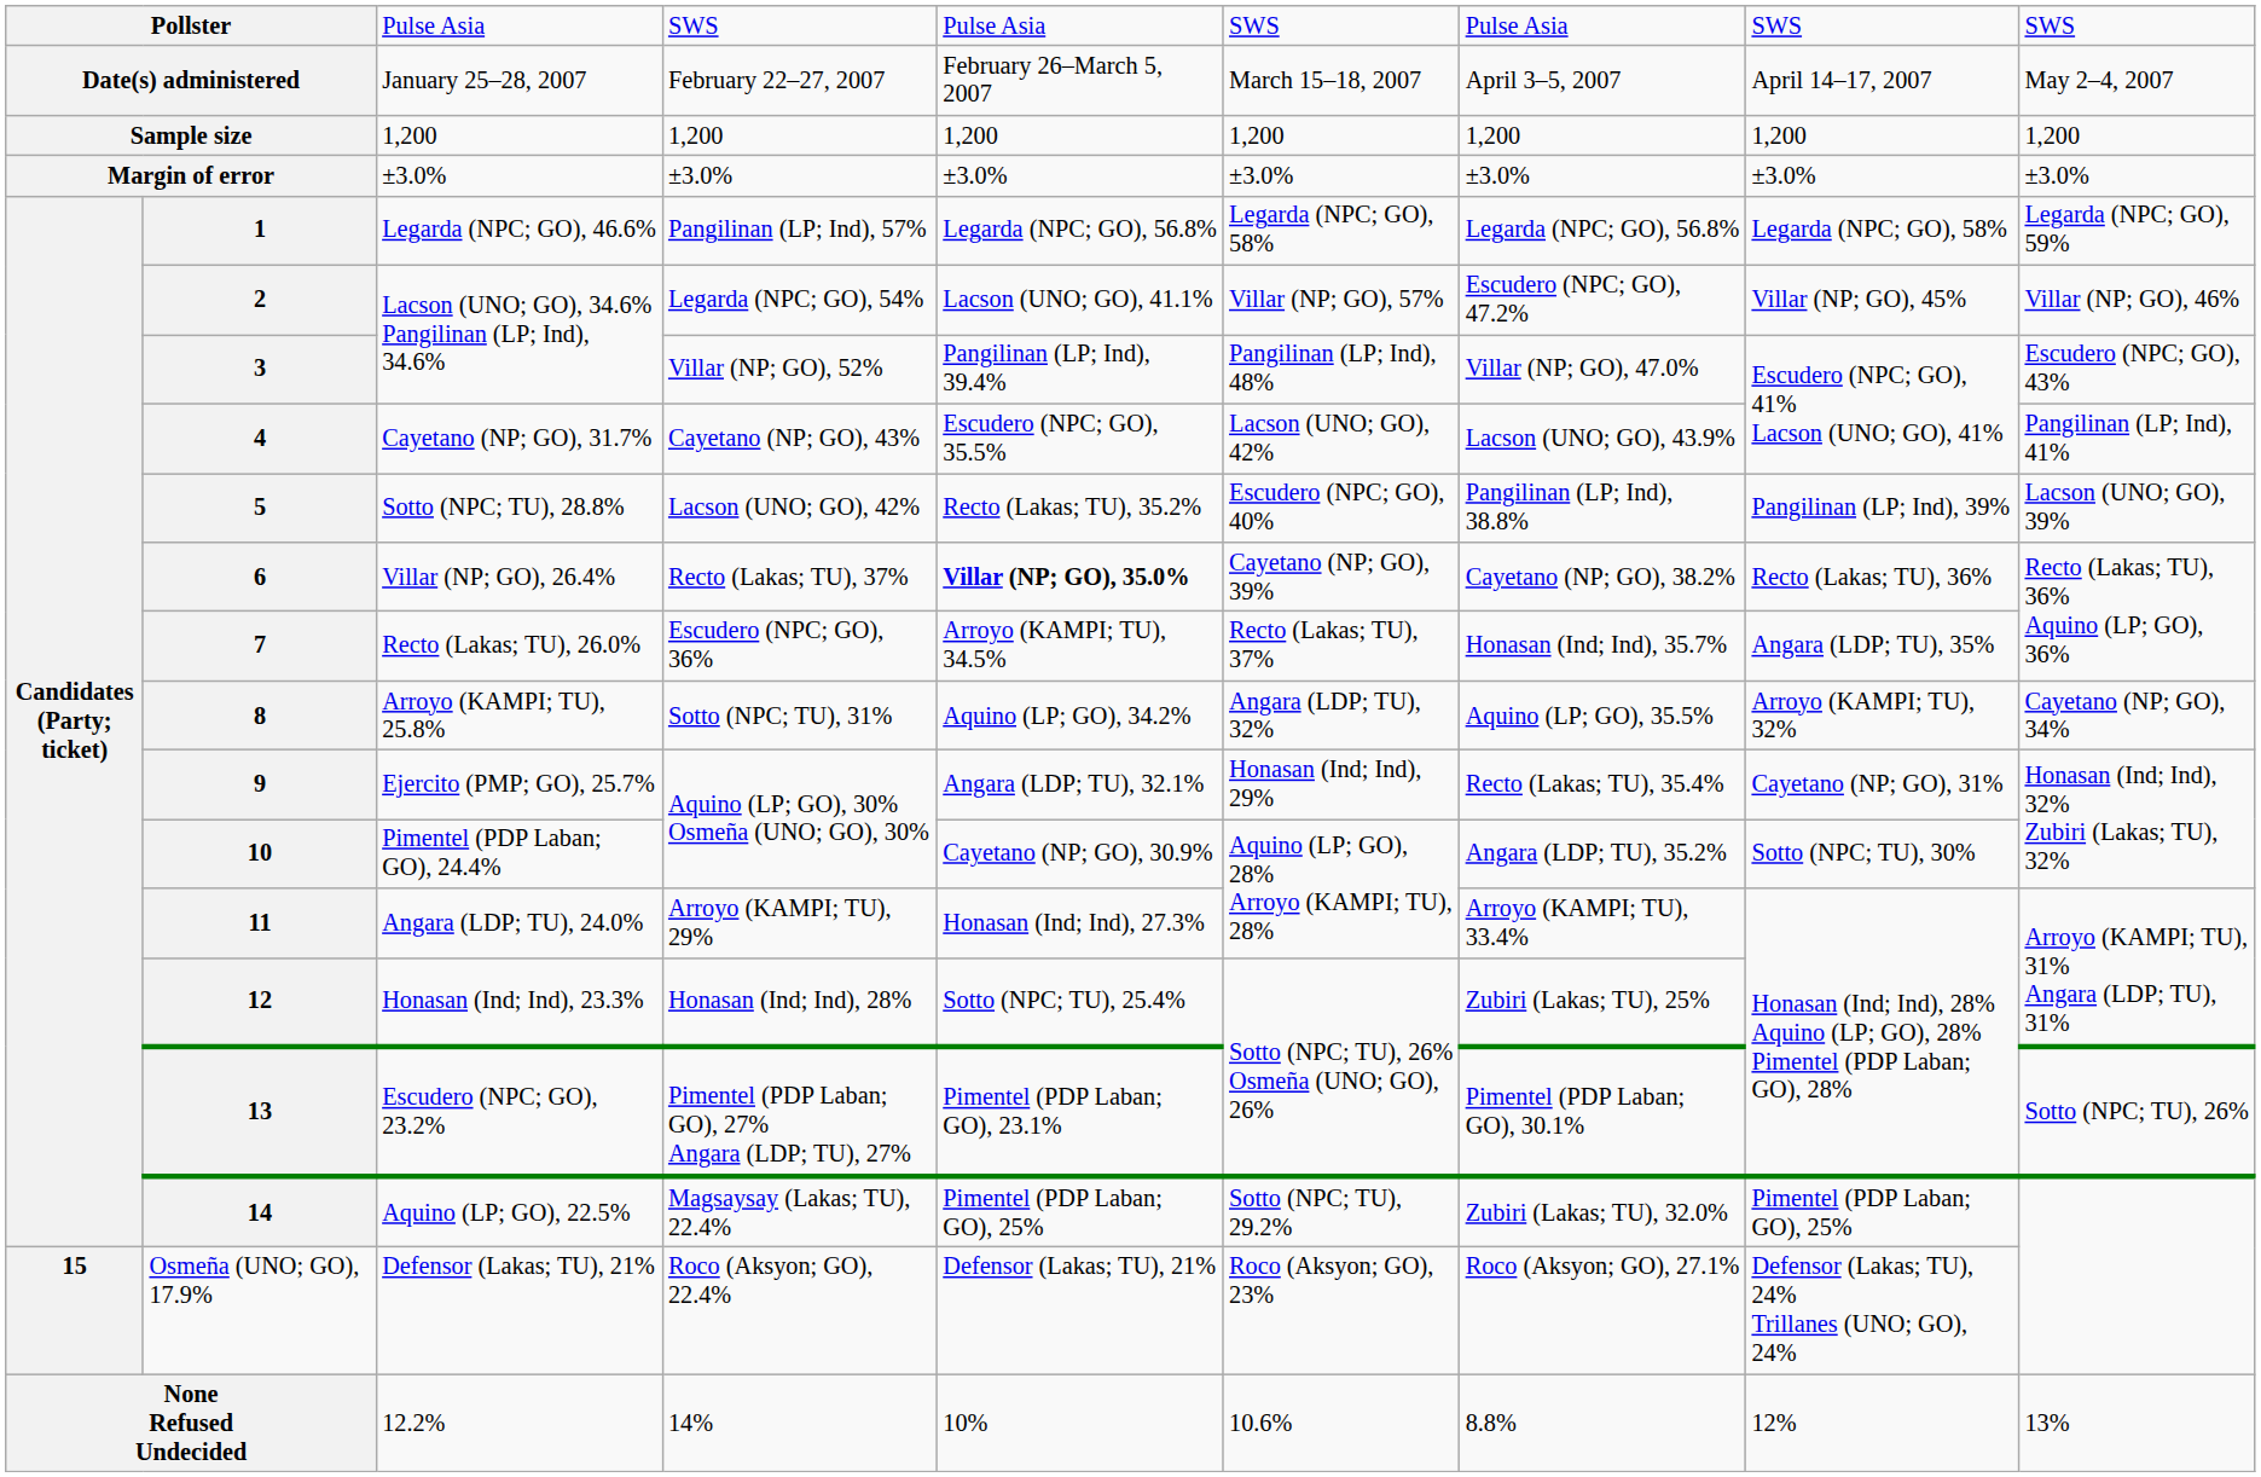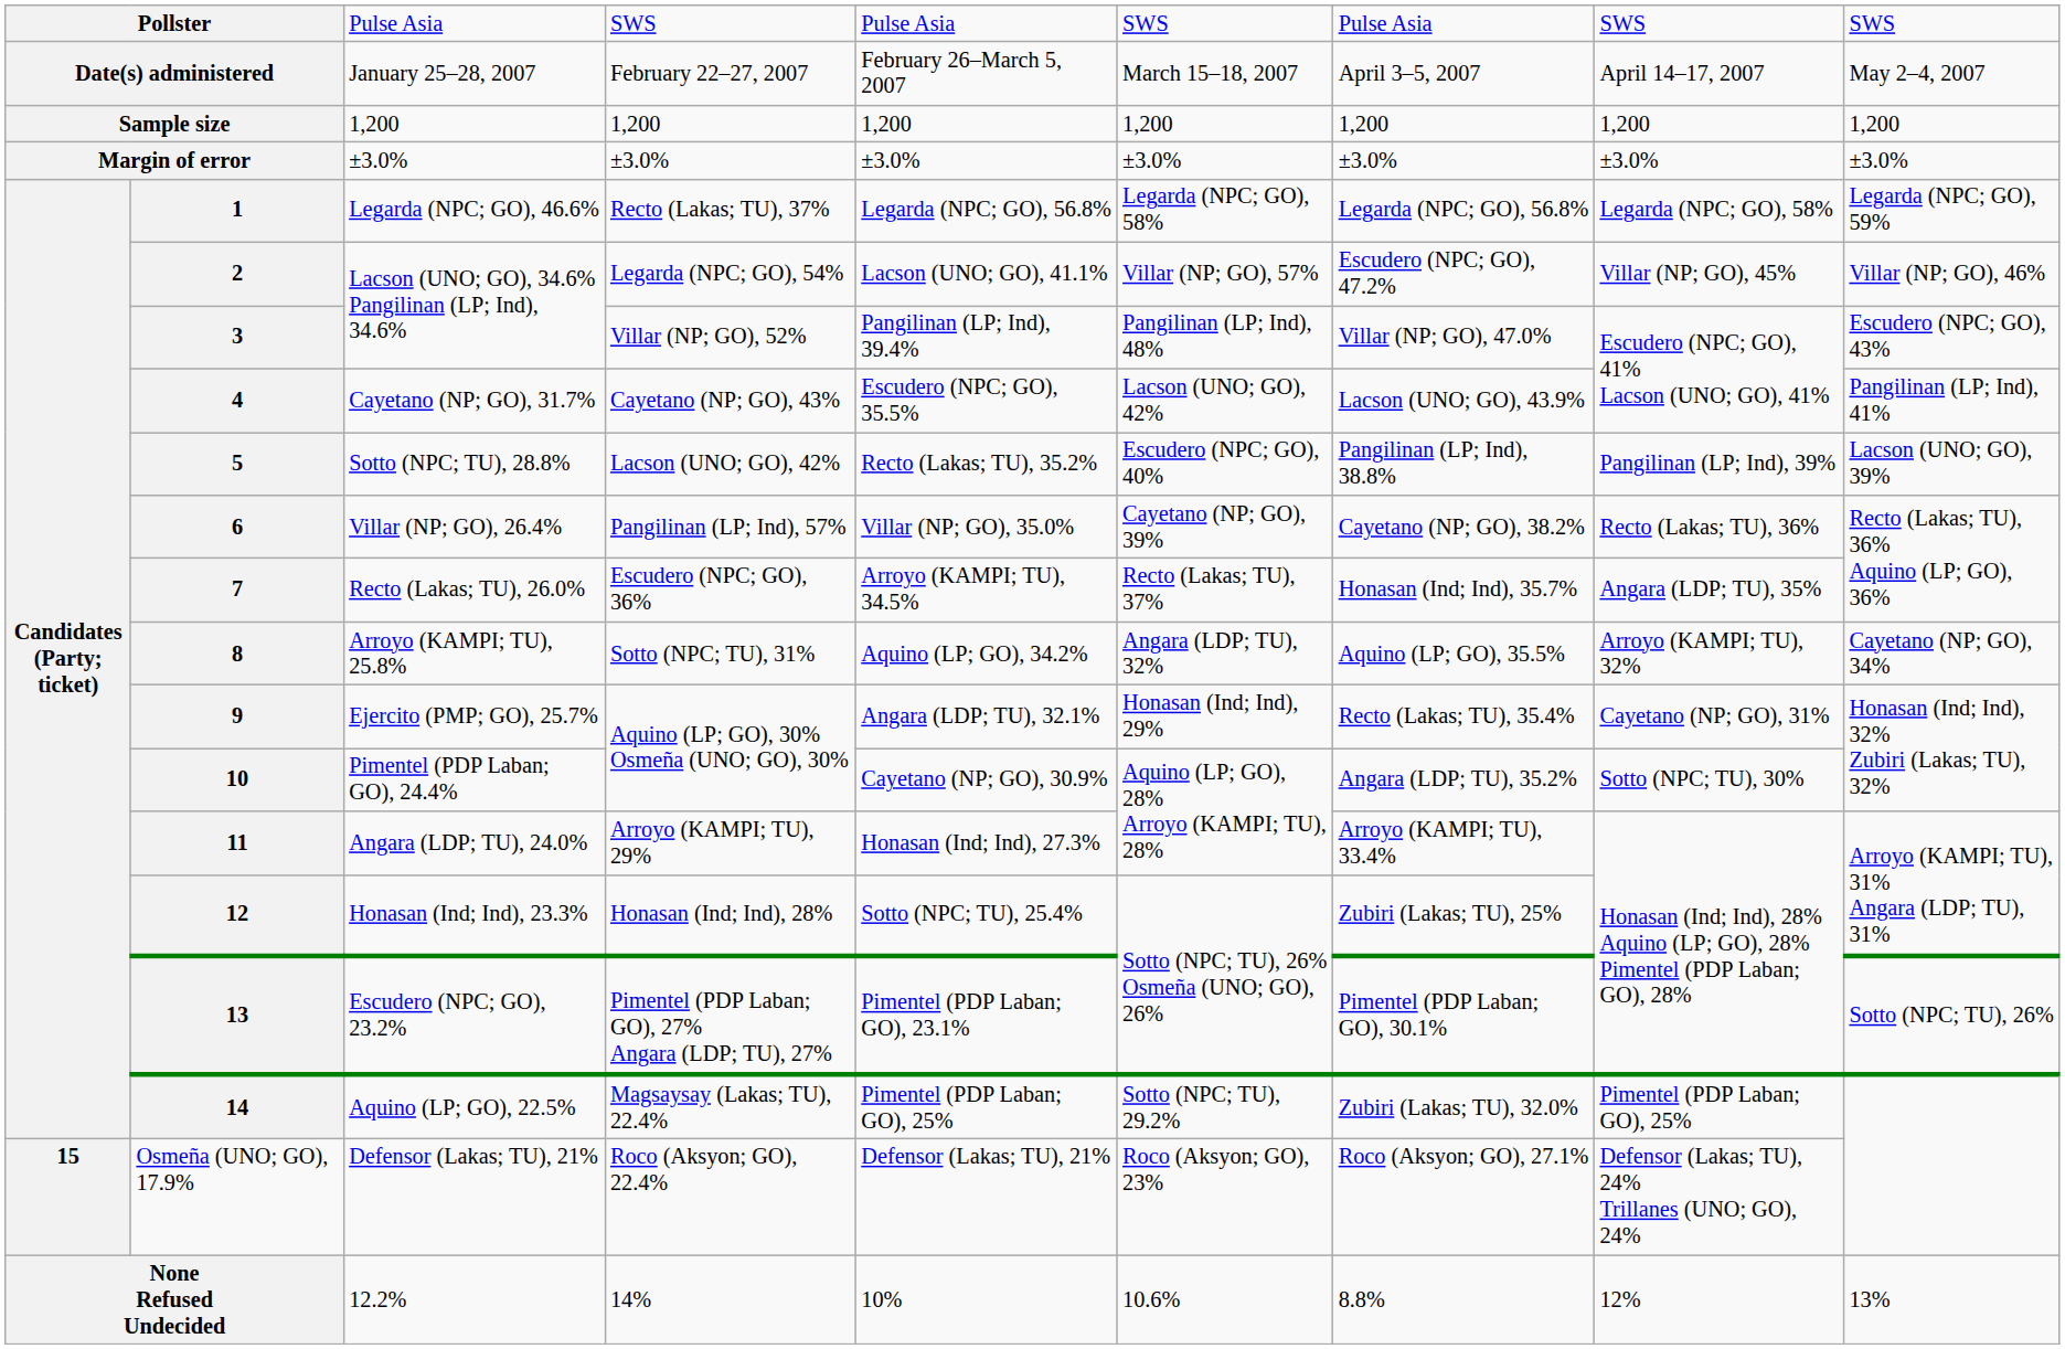 <table class=wikitable style="font-size:85%;">
 <tr>
 <th colspan=2>Pollster</th>
 <td><a href='#'>Pulse Asia</a></td>
 <td><a href='#'>SWS</a></td>
 <td><a href='#'>Pulse Asia</a></td>
 <td><a href='#'>SWS</a></td>
 <td><a href='#'>Pulse Asia</a></td>
 <td><a href='#'>SWS</a></td>
 <td><a href='#'>SWS</a></td>
 </tr>
 <tr>
 <th colspan=2>Date(s) administered</th>
 <td>January 25–28, 2007</td>
 <td>February 22–27, 2007</td>
 <td>February 26–March 5, 2007</td>
 <td>March 15–18, 2007</td>
 <td>April 3–5, 2007</td>
 <td>April 14–17, 2007</td>
 <td>May 2–4, 2007</td>
 </tr>
 <tr>
 <th colspan=2>Sample size</th>
 <td>1,200</td>
 <td>1,200</td>
 <td>1,200</td>
 <td>1,200</td>
 <td>1,200</td>
 <td>1,200</td>
 <td>1,200</td>
 </tr>
 <tr>
 <th colspan=2>Margin of error</th>
 <td>±3.0%</td>
 <td>±3.0%</td>
 <td>±3.0%</td>
 <td>±3.0%</td>
 <td>±3.0%</td>
 <td>±3.0%</td>
 <td>±3.0%</td>
 </tr>
 <tr>
 <th width=70px rowspan=15>Candidates (Party; ticket)</th>
 <th>1</th>
 <td> <a href='#'>Legarda</a> (NPC; GO), 46.6%</td>
-<td> <a href='#'>Pangilinan</a> (LP; Ind), 57%</td>
+<td> <a href='#'>Recto</a> (Lakas; TU), 37%</td>
 <td> <a href='#'>Legarda</a> (NPC; GO), 56.8%</td>
 <td> <a href='#'>Legarda</a> (NPC; GO), 58%</td>
 <td> <a href='#'>Legarda</a> (NPC; GO), 56.8%</td>
 <td> <a href='#'>Legarda</a> (NPC; GO), 58%</td>
 <td> <a href='#'>Legarda</a> (NPC; GO), 59%</td>
 </tr>
 <tr>
 <th>2</th>
 <td rowspan=2> <a href='#'>Lacson</a> (UNO; GO), 34.6%<br> <a href='#'>Pangilinan</a> (LP; Ind), 34.6%</td>
 <td> <a href='#'>Legarda</a> (NPC; GO), 54%</td>
 <td> <a href='#'>Lacson</a> (UNO; GO), 41.1%</td>
 <td> <a href='#'>Villar</a> (NP; GO), 57%</td>
 <td> <a href='#'>Escudero</a> (NPC; GO), 47.2%</td>
 <td> <a href='#'>Villar</a> (NP; GO), 45%</td>
 <td> <a href='#'>Villar</a> (NP; GO), 46%</td>
 </tr>
 <tr>
 <th>3<br></th>
 <td> <a href='#'>Villar</a> (NP; GO), 52%</td>
 <td> <a href='#'>Pangilinan</a> (LP; Ind), 39.4%</td>
 <td> <a href='#'>Pangilinan</a> (LP; Ind), 48%</td>
 <td> <a href='#'>Villar</a> (NP; GO), 47.0%</td>
 <td rowspan=2> <a href='#'>Escudero</a> (NPC; GO), 41%<br> <a href='#'>Lacson</a> (UNO; GO), 41%</td>
 <td> <a href='#'>Escudero</a> (NPC; GO), 43%</td>
 </tr>
 <tr>
 <th>4</th>
 <td> <a href='#'>Cayetano</a> (NP; GO), 31.7%</td>
 <td> <a href='#'>Cayetano</a> (NP; GO), 43%</td>
 <td> <a href='#'>Escudero</a> (NPC; GO), 35.5%</td>
 <td> <a href='#'>Lacson</a> (UNO; GO), 42%</td>
 <td> <a href='#'>Lacson</a> (UNO; GO), 43.9%<br></td>
 <td> <a href='#'>Pangilinan</a> (LP; Ind), 41%</td>
 </tr>
 <tr>
 <th>5</th>
 <td> <a href='#'>Sotto</a> (NPC; TU), 28.8%</td>
 <td> <a href='#'>Lacson</a> (UNO; GO), 42%</td>
 <td> <a href='#'>Recto</a> (Lakas; TU), 35.2%</td>
 <td> <a href='#'>Escudero</a> (NPC; GO), 40%</td>
 <td> <a href='#'>Pangilinan</a> (LP; Ind), 38.8%</td>
 <td> <a href='#'>Pangilinan</a> (LP; Ind), 39%</td>
 <td> <a href='#'>Lacson</a> (UNO; GO), 39%</td>
 </tr>
 <tr>
 <th>6</th>
 <td> <a href='#'>Villar</a> (NP; GO), 26.4%</td>
-<td> <a href='#'>Recto</a> (Lakas; TU), 37%</td>
-<td><strong> <a href='#'>Villar</a> (NP; GO), 35.0%</strong></td>
+<td> <a href='#'>Pangilinan</a> (LP; Ind), 57%</td>
+<td> <a href='#'>Villar</a> (NP; GO), 35.0%</td>
 <td> <a href='#'>Cayetano</a> (NP; GO), 39%</td>
 <td> <a href='#'>Cayetano</a> (NP; GO), 38.2%</td>
 <td> <a href='#'>Recto</a> (Lakas; TU), 36%</td>
 <td rowspan=2> <a href='#'>Recto</a> (Lakas; TU), 36%<br> <a href='#'>Aquino</a> (LP; GO), 36%</td>
 </tr>
 <tr>
 <th>7</th>
 <td> <a href='#'>Recto</a> (Lakas; TU), 26.0%</td>
 <td> <a href='#'>Escudero</a> (NPC; GO), 36%</td>
 <td> <a href='#'>Arroyo</a> (KAMPI; TU), 34.5%</td>
 <td> <a href='#'>Recto</a> (Lakas; TU), 37%</td>
 <td> <a href='#'>Honasan</a> (Ind; Ind), 35.7%</td>
 <td> <a href='#'>Angara</a> (LDP; TU), 35%<br></td>
 </tr>
 <tr>
 <th>8</th>
 <td> <a href='#'>Arroyo</a> (KAMPI; TU), 25.8%</td>
 <td> <a href='#'>Sotto</a> (NPC; TU), 31%</td>
 <td> <a href='#'>Aquino</a> (LP; GO), 34.2%</td>
 <td> <a href='#'>Angara</a> (LDP; TU), 32%</td>
 <td> <a href='#'>Aquino</a> (LP; GO), 35.5%</td>
 <td> <a href='#'>Arroyo</a> (KAMPI; TU), 32%</td>
 <td> <a href='#'>Cayetano</a> (NP; GO), 34%</td>
 </tr>
 <tr>
 <th>9</th>
 <td> <a href='#'>Ejercito</a> (PMP; GO), 25.7%</td>
 <td rowspan=2> <a href='#'>Aquino</a> (LP; GO), 30%<br> <a href='#'>Osmeña</a> (UNO; GO), 30%</td>
 <td> <a href='#'>Angara</a> (LDP; TU), 32.1%</td>
 <td> <a href='#'>Honasan</a> (Ind; Ind), 29%</td>
 <td> <a href='#'>Recto</a> (Lakas; TU), 35.4%</td>
 <td> <a href='#'>Cayetano</a> (NP; GO), 31%</td>
 <td rowspan=2> <a href='#'>Honasan</a> (Ind; Ind), 32%<br> <a href='#'>Zubiri</a> (Lakas; TU), 32%</td>
 </tr>
 <tr>
 <th>10</th>
 <td> <a href='#'>Pimentel</a> (PDP Laban; GO), 24.4%<br></td>
 <td> <a href='#'>Cayetano</a> (NP; GO), 30.9%</td>
 <td rowspan=2> <a href='#'>Aquino</a> (LP; GO), 28%<br> <a href='#'>Arroyo</a> (KAMPI; TU), 28%</td>
 <td> <a href='#'>Angara</a> (LDP; TU), 35.2%</td>
 <td> <a href='#'>Sotto</a> (NPC; TU), 30%<br></td>
 </tr>
 <tr>
 <th>11</th>
 <td> <a href='#'>Angara</a> (LDP; TU), 24.0%</td>
 <td> <a href='#'>Arroyo</a> (KAMPI; TU), 29%</td>
 <td> <a href='#'>Honasan</a> (Ind; Ind), 27.3%<br></td>
 <td> <a href='#'>Arroyo</a> (KAMPI; TU), 33.4%</td>
 <td rowspan=3><br> <a href='#'>Honasan</a> (Ind; Ind), 28%<br>  <a href='#'>Aquino</a> (LP; GO), 28%<br>  <a href='#'>Pimentel</a> (PDP Laban; GO), 28%</td>
 <td rowspan=2><br> <a href='#'>Arroyo</a> (KAMPI; TU), 31%<br>  <a href='#'>Angara</a> (LDP; TU), 31%</td>
 </tr>
 <tr style="border-bottom:3px solid green;">
 <th>12</th>
 <td> <a href='#'>Honasan</a> (Ind; Ind), 23.3%</td>
 <td> <a href='#'>Honasan</a> (Ind; Ind), 28%</td>
 <td> <a href='#'>Sotto</a> (NPC; TU), 25.4%</td>
 <td rowspan=2><br> <a href='#'>Sotto</a> (NPC; TU), 26%<br>  <a href='#'>Osmeña</a> (UNO; GO), 26%</td>
 <td> <a href='#'>Zubiri</a> (Lakas; TU), 25%</td>
 </tr>
 <tr>
 <th>13</th>
 <td> <a href='#'>Escudero</a> (NPC; GO), 23.2%</td>
 <td rowspan=2><br> <a href='#'>Pimentel</a> (PDP Laban; GO), 27%<br>  <a href='#'>Angara</a> (LDP; TU), 27%</td>
 <td> <a href='#'>Pimentel</a> (PDP Laban; GO), 23.1%</td>
 <td> <a href='#'>Pimentel</a> (PDP Laban; GO), 30.1%</td>
 <td> <a href='#'>Sotto</a> (NPC; TU), 26%<br></td>
 </tr>
 <tr style="border-bottom:3px solid green;">
 </tr>
 <tr>
 <th>14</th>
 <td> <a href='#'>Aquino</a> (LP; GO), 22.5%</td>
 <td> <a href='#'>Magsaysay</a> (Lakas; TU), 22.4%</td>
 <td> <a href='#'>Pimentel</a> (PDP Laban; GO), 25%</td>
 <td> <a href='#'>Sotto</a> (NPC; TU), 29.2%</td>
 <td> <a href='#'>Zubiri</a> (Lakas; TU), 32.0%</td>
 <td> <a href='#'>Pimentel</a> (PDP Laban; GO), 25%</td>
 </tr>
 <tr valign="top">
 <th>15</th>
 <td> <a href='#'>Osmeña</a> (UNO; GO), 17.9%</td>
 <td> <a href='#'>Defensor</a> (Lakas; TU), 21%</td>
 <td> <a href='#'>Roco</a> (Aksyon; GO), 22.4%</td>
 <td> <a href='#'>Defensor</a> (Lakas; TU), 21%</td>
 <td> <a href='#'>Roco</a> (Aksyon; GO), 23%</td>
 <td> <a href='#'>Roco</a> (Aksyon; GO), 27.1%</td>
 <td> <a href='#'>Defensor</a> (Lakas; TU), 24%<br> <a href='#'>Trillanes</a> (UNO; GO), 24%</td>
 </tr>
 <tr>
 <th colspan=2>None<br>Refused<br>Undecided</th>
 <td>12.2%</td>
 <td>14%</td>
 <td>10%</td>
 <td>10.6%</td>
 <td>8.8%</td>
 <td>12%</td>
 <td>13%</td>
 </tr>
 </table>
